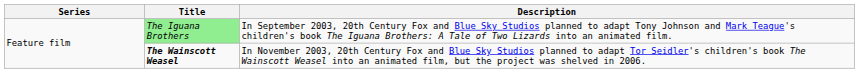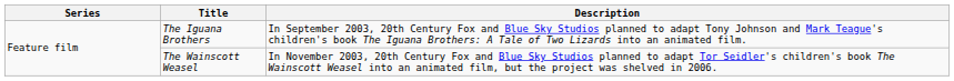 <table class="wikitable">
 <tr>
 <th style="width:150pt;">Series</th>
 <th style="width:100pt;">Title</th>
 <th>Description</th>
 </tr>
 <tr>
 <td rowspan="2">Feature film</td>
-<td style="background: lightgreen;"><em>The Iguana Brothers</em></td>
+<td><em>The Iguana Brothers</em></td>
 <td>In September 2003, 20th Century Fox and <a href='#'>Blue Sky Studios</a> planned to adapt Tony Johnson and <a href='#'>Mark Teague</a>'s children's book <em>The Iguana Brothers: A Tale of Two Lizards</em> into an animated film.</td>
 </tr>
 <tr>
-<td><strong><em>The Wainscott Weasel</em></strong></td>
+<td><em>The Wainscott Weasel</em></td>
 <td>In November 2003, 20th Century Fox and <a href='#'>Blue Sky Studios</a> planned to adapt <a href='#'>Tor Seidler</a>'s children's book <em>The Wainscott Weasel</em> into an animated film, but the project was shelved in 2006.</td>
 </tr>
 </table>
